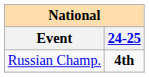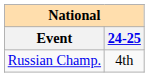 <table class="wikitable" style="text-align:center">
 <tr>
 <th style="background-color: #ffdead; " colspan=2 align=center>National</th>
 </tr>
 <tr>
 <th>Event</th>
 <th><a href='#'>24-25</a></th>
 </tr>
 <tr>
 <td align=left><a href='#'>Russian Champ.</a></td>
-<td><strong>4th</strong></td>
+<td>4th</td>
 </tr>
 </table>
